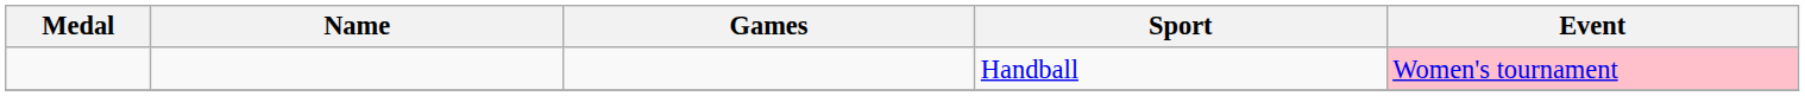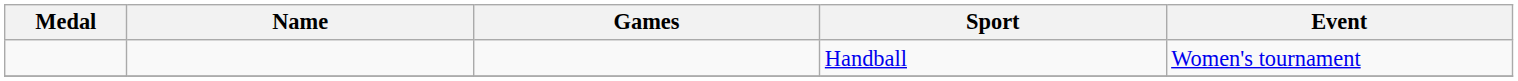 <table class="wikitable sortable">
 <tr>
 <th style="width:5em">Medal</th>
 <th style="width:15em">Name</th>
 <th style="width:15em">Games</th>
 <th style="width:15em">Sport</th>
 <th style="width:15em">Event</th>
 </tr>
 <tr>
 <td></td>
 <td><br></td>
 <td></td>
 <td> <a href='#'>Handball</a></td>
-<td style="background: pink;"><a href='#'>Women's tournament</a></td>
+<td><a href='#'>Women's tournament</a></td>
 </tr>
 <tr>
 </tr>
 </table>
